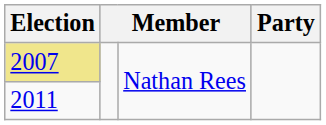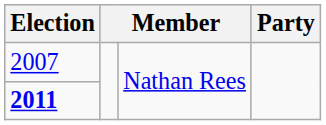 <table class="wikitable">
 <tr>
 <th>Election</th>
 <th colspan="2">Member</th>
 <th>Party</th>
 </tr>
 <tr>
-<td style="background: khaki;"><a href='#'>2007</a></td>
+<td><a href='#'>2007</a></td>
 <td rowspan="2" > </td>
 <td rowspan="2"><a href='#'>Nathan Rees</a></td>
 <td rowspan="2"></td>
 </tr>
 <tr>
-<td><a href='#'>2011</a></td>
+<td><strong><a href='#'>2011</a></strong></td>
 </tr>
 </table>
